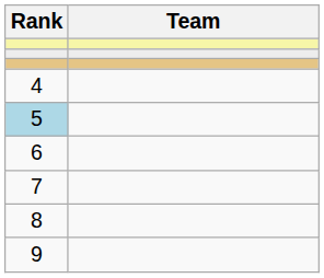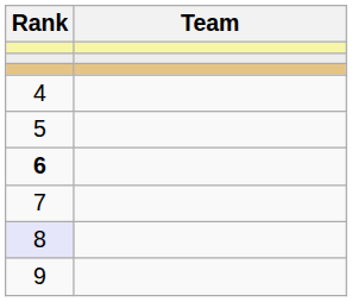 <table class="wikitable" style="text-align: center;">
 <tr>
 <th width=40>Rank</th>
 <th width=180>Team</th>
 </tr>
 <tr align=center bgcolor="#F7F6A8">
 <td></td>
 <td align="left"></td>
 </tr>
 <tr align=center bgcolor=ededed>
 <td></td>
 <td align="left"></td>
 </tr>
 <tr align=center bgcolor=e5c585>
 <td></td>
 <td align=left></td>
 </tr>
 <tr align=center>
 <td>4</td>
 <td style="text-align:left;"></td>
 </tr>
 <tr align=center>
-<td style="background: lightblue;">5</td>
+<td>5</td>
 <td style="text-align:left;"></td>
 </tr>
 <tr align=center>
-<td>6</td>
+<td><strong>6</strong></td>
 <td style="text-align:left;"></td>
 </tr>
 <tr align=center>
 <td>7</td>
 <td style="text-align:left;"></td>
 </tr>
 <tr align=center>
-<td>8</td>
+<td style="background: lavender;">8</td>
 <td style="text-align:left;"></td>
 </tr>
 <tr align=center>
 <td>9</td>
 <td style="text-align:left;"></td>
 </tr>
 </table>
